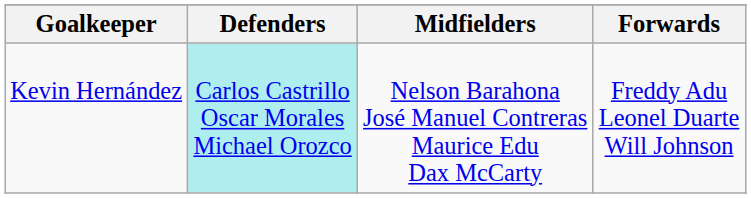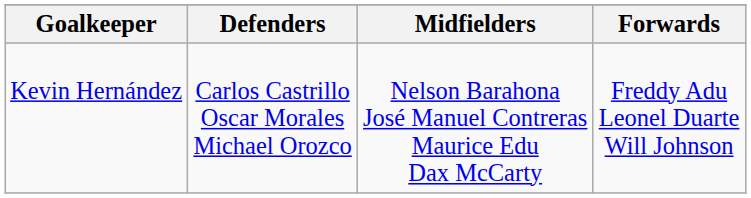 <table class="wikitable" style="text-align: center; margin: 0 auto;">
 <tr>
 </tr>
 <tr>
 <th>Goalkeeper</th>
 <th>Defenders</th>
 <th>Midfielders</th>
 <th>Forwards</th>
 </tr>
 <tr>
 <td valign=top><br> <a href='#'>Kevin Hernández</a></td>
-<td valign=top style="background: paleturquoise;"><br> <a href='#'>Carlos Castrillo</a><br>  <a href='#'>Oscar Morales</a><br>  <a href='#'>Michael Orozco</a></td>
+<td valign=top><br> <a href='#'>Carlos Castrillo</a><br>  <a href='#'>Oscar Morales</a><br>  <a href='#'>Michael Orozco</a></td>
 <td valign=top><br> <a href='#'>Nelson Barahona</a><br>  <a href='#'>José Manuel Contreras</a><br>  <a href='#'>Maurice Edu</a><br>  <a href='#'>Dax McCarty</a></td>
 <td valign=top><br> <a href='#'>Freddy Adu</a><br>  <a href='#'>Leonel Duarte</a><br>  <a href='#'>Will Johnson</a></td>
 </tr>
 </table>
